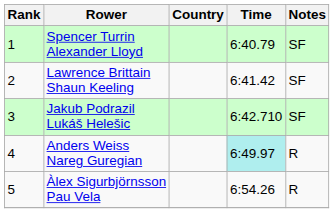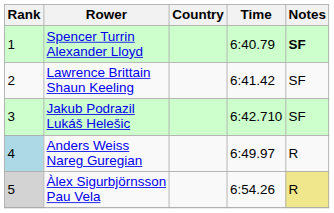 <table class="wikitable">
 <tr>
 <th>Rank</th>
 <th>Rower</th>
 <th>Country</th>
 <th>Time</th>
 <th>Notes</th>
 </tr>
 <tr bgcolor=ccffcc>
 <td>1</td>
 <td><a href='#'>Spencer Turrin</a><br><a href='#'>Alexander Lloyd</a></td>
 <td></td>
 <td>6:40.79</td>
-<td>SF</td>
+<td><strong>SF</strong></td>
 </tr>
 <tr -bgcolor=ccffcc>
 <td>2</td>
 <td><a href='#'>Lawrence Brittain</a><br><a href='#'>Shaun Keeling</a></td>
 <td></td>
 <td>6:41.42</td>
 <td>SF</td>
 </tr>
 <tr bgcolor=ccffcc>
 <td>3</td>
 <td><a href='#'>Jakub Podrazil</a><br><a href='#'>Lukáš Helešic</a></td>
 <td></td>
 <td>6:42.710</td>
 <td>SF</td>
 </tr>
 <tr>
-<td>4</td>
+<td style="background: lightblue;">4</td>
 <td><a href='#'>Anders Weiss</a><br><a href='#'>Nareg Guregian</a></td>
 <td></td>
-<td style="background: paleturquoise;">6:49.97</td>
+<td>6:49.97</td>
 <td>R</td>
 </tr>
 <tr>
-<td>5</td>
+<td style="background: lightgrey;">5</td>
 <td><a href='#'>Àlex Sigurbjörnsson</a><br><a href='#'>Pau Vela</a></td>
 <td></td>
 <td>6:54.26</td>
-<td>R</td>
+<td style="background: khaki;">R</td>
 </tr>
 <tr>
 </tr>
 </table>
